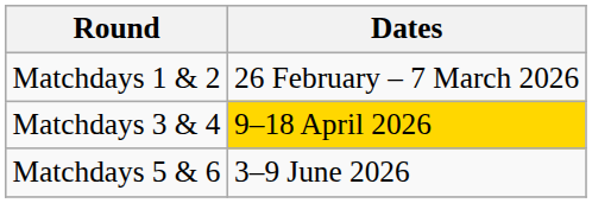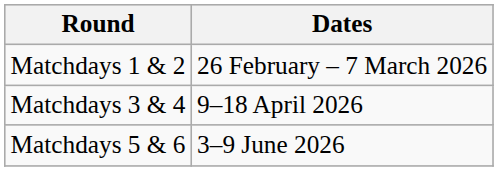 <table class="wikitable">
 <tr>
 <th>Round</th>
 <th>Dates</th>
 </tr>
 <tr>
 <td>Matchdays 1 & 2</td>
 <td>26 February – 7 March 2026</td>
 </tr>
 <tr>
 <td>Matchdays 3 & 4</td>
-<td style="background: gold;">9–18 April 2026</td>
+<td>9–18 April 2026</td>
 </tr>
 <tr>
 <td>Matchdays 5 & 6</td>
 <td>3–9 June 2026</td>
 </tr>
 </table>
